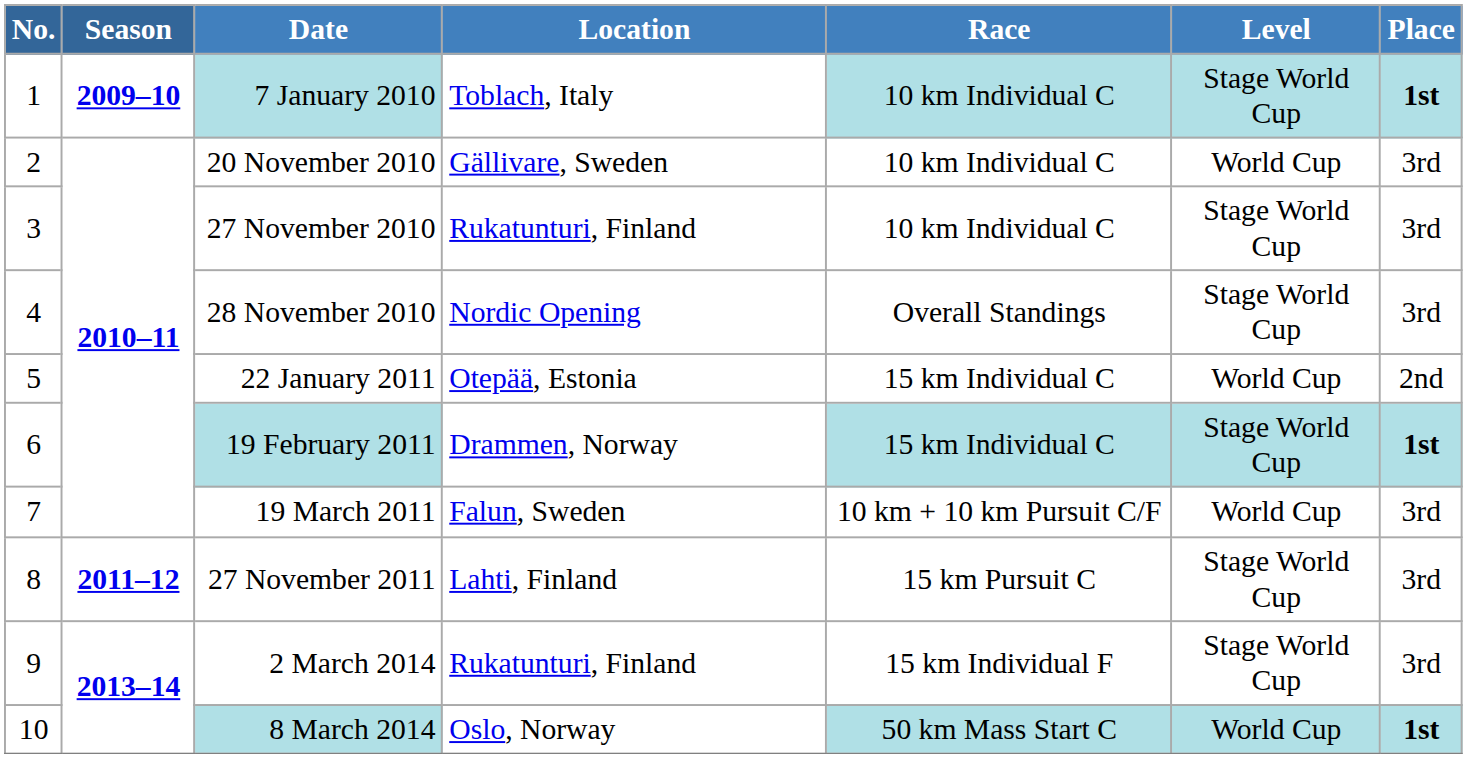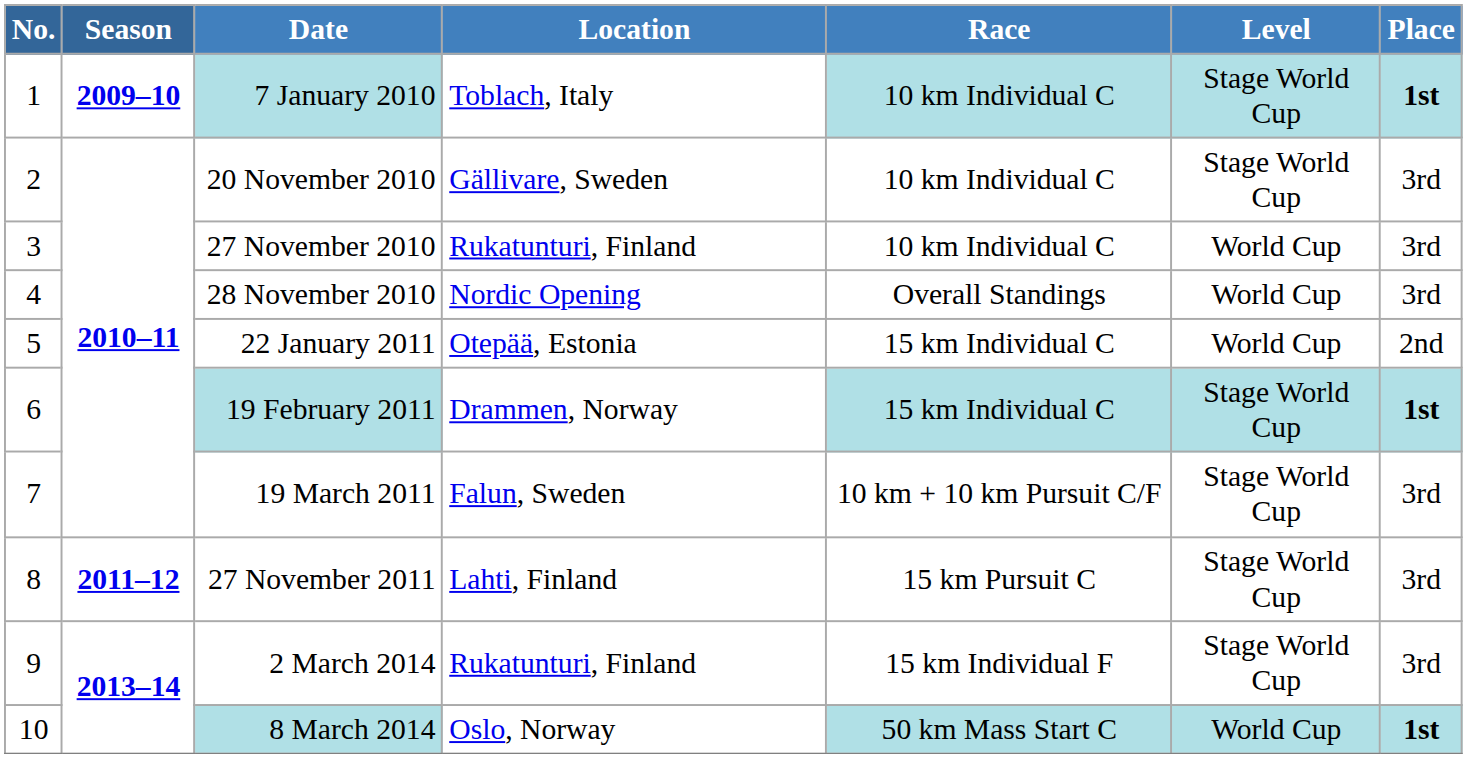 <table class="wikitable sortable" style="font-size:95%; text-align:center; border:grey solid 1px; border-collapse:collapse; background:#ffffff;">
 <tr style="background:#efefef;">
 <th style="background-color:#369; color:white;">No.</th>
 <th style="background-color:#369; color:white;">Season</th>
 <th style="background-color:#4180be; color:white; width:120px;">Date</th>
 <th style="background-color:#4180be; color:white; width:190px;">Location</th>
 <th style="background-color:#4180be; color:white; width:170px;">Race</th>
 <th style="background-color:#4180be; color:white; width:100px;">Level</th>
 <th style="background-color:#4180be; color:white;">Place</th>
 </tr>
 <tr>
 <td align=center>1</td>
 <td rowspan=1 align=center><strong><a href='#'>2009–10</a></strong></td>
 <td bgcolor="#BOEOE6" align=right>7 January 2010</td>
 <td align=left> <a href='#'>Toblach</a>, Italy</td>
 <td bgcolor="#BOEOE6">10 km Individual C</td>
 <td bgcolor="#BOEOE6">Stage World Cup</td>
 <td bgcolor="#BOEOE6"><strong>1st</strong></td>
 </tr>
 <tr>
 <td align=center>2</td>
 <td rowspan=6 align=center><strong> <a href='#'>2010–11</a> </strong></td>
 <td align=right>20 November 2010</td>
 <td align=left> <a href='#'>Gällivare</a>, Sweden</td>
 <td>10 km Individual C</td>
-<td>World Cup</td>
+<td>Stage World Cup</td>
 <td>3rd</td>
 </tr>
 <tr>
 <td align=center>3</td>
 <td align=right>27 November 2010</td>
 <td align=left> <a href='#'>Rukatunturi</a>, Finland</td>
 <td>10 km Individual C</td>
-<td>Stage World Cup</td>
+<td>World Cup</td>
 <td>3rd</td>
 </tr>
 <tr>
 <td align=center>4</td>
 <td align=right>28 November 2010</td>
 <td align=left> <a href='#'>Nordic Opening</a></td>
 <td>Overall Standings</td>
-<td>Stage World Cup</td>
+<td>World Cup</td>
 <td>3rd</td>
 </tr>
 <tr>
 <td align=center>5</td>
 <td align=right>22 January 2011</td>
 <td align=left> <a href='#'>Otepää</a>, Estonia</td>
 <td>15 km Individual C</td>
 <td>World Cup</td>
 <td>2nd</td>
 </tr>
 <tr>
 <td align=center>6</td>
 <td bgcolor="#BOEOE6" align=right>19 February 2011</td>
 <td align=left> <a href='#'>Drammen</a>, Norway</td>
 <td bgcolor="#BOEOE6" align=center>15 km Individual C</td>
 <td bgcolor="#BOEOE6">Stage World Cup</td>
 <td bgcolor="#BOEOE6"><strong>1st</strong></td>
 </tr>
 <tr>
 <td align=center>7</td>
 <td align=right>19 March 2011</td>
 <td align=left> <a href='#'>Falun</a>, Sweden</td>
 <td>10 km + 10 km Pursuit C/F</td>
-<td>World Cup</td>
+<td>Stage World Cup</td>
 <td>3rd</td>
 </tr>
 <tr>
 <td align=center>8</td>
 <td rowspan=1 align=center><strong> <a href='#'>2011–12</a> </strong></td>
 <td align=right>27 November 2011</td>
 <td align=left> <a href='#'>Lahti</a>, Finland</td>
 <td>15 km Pursuit C</td>
 <td>Stage World Cup</td>
 <td>3rd</td>
 </tr>
 <tr>
 <td align=center>9</td>
 <td rowspan=2 align=center><strong> <a href='#'>2013–14</a> </strong></td>
 <td align=right>2 March 2014</td>
 <td align=left> <a href='#'>Rukatunturi</a>, Finland</td>
 <td>15 km Individual F</td>
 <td>Stage World Cup</td>
 <td>3rd</td>
 </tr>
 <tr>
 <td align=center>10</td>
 <td bgcolor="#BOEOE6" align=right>8 March 2014</td>
 <td align=left> <a href='#'>Oslo</a>, Norway</td>
 <td bgcolor="#BOEOE6" align=center>50 km Mass Start C</td>
 <td bgcolor="#BOEOE6">World Cup</td>
 <td bgcolor="#BOEOE6"><strong>1st</strong></td>
 </tr>
 <tr>
 </tr>
 </table>
